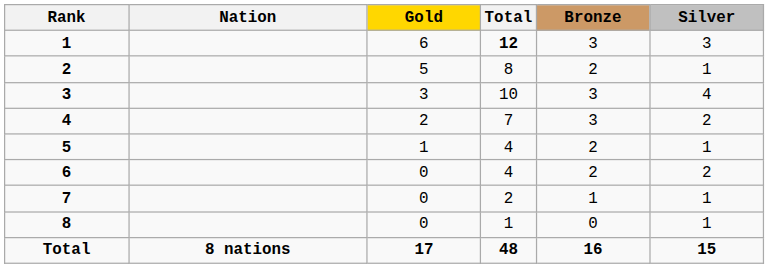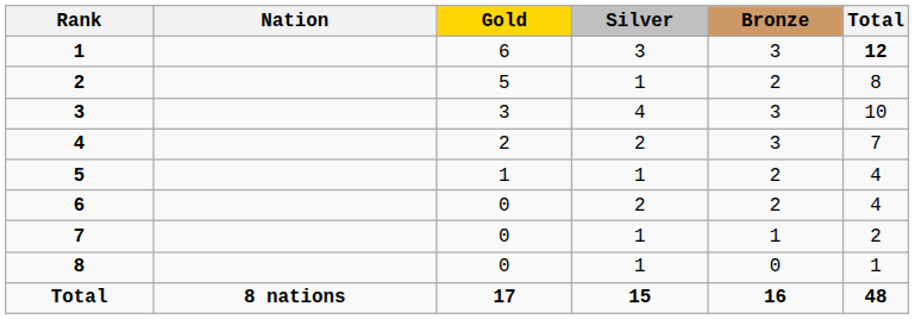 <table class="wikitable sortable plainrowheaders" width="70.5%" style="text-align:center;">
 <tr style="background-color:#EDEDED;">
 <th width=100px class="hintergrundfarbe5">Rank</th>
 <th width=200px class="hintergrundfarbe6">Nation</th>
 <th style="background:    gold; width:15%">Gold</th>
+<th style="background:  silver; width:15%">Silver</th>
+<th style="background: #CC9966; width:15%">Bronze</th>
 <th ! width=35px>Total</th>
-<th style="background: #CC9966; width:15%">Bronze</th>
-<th style="background:  silver; width:15%">Silver</th>
 </tr>
 <tr>
 <td><strong>1</strong></td>
 <td align=left></td>
 <td>6</td>
-<td><strong>12</strong></td>
 <td>3</td>
 <td>3</td>
+<td><strong>12</strong></td>
 </tr>
 <tr>
 <td><strong>2</strong></td>
 <td align=left><em></em></td>
 <td>5</td>
+<td>1</td>
+<td>2</td>
 <td>8</td>
-<td>2</td>
-<td>1</td>
 </tr>
 <tr>
 <td><strong>3</strong></td>
 <td align=left></td>
 <td>3</td>
+<td>4</td>
+<td>3</td>
 <td>10</td>
-<td>3</td>
-<td>4</td>
 </tr>
 <tr>
 <td><strong>4</strong></td>
 <td align=left></td>
 <td>2</td>
+<td>2</td>
+<td>3</td>
 <td>7</td>
-<td>3</td>
-<td>2</td>
 </tr>
 <tr>
 <td><strong>5</strong></td>
 <td align=left><em></em></td>
 <td>1</td>
+<td>1</td>
+<td>2</td>
 <td>4</td>
-<td>2</td>
-<td>1</td>
 </tr>
 <tr>
 <td><strong>6</strong></td>
 <td align="left"></td>
 <td>0</td>
-<td>4</td>
 <td>2</td>
 <td>2</td>
+<td>4</td>
 </tr>
 <tr>
 <td><strong>7</strong></td>
 <td align="left"></td>
 <td>0</td>
-<td>2</td>
 <td>1</td>
 <td>1</td>
+<td>2</td>
 </tr>
 <tr>
 <td><strong>8</strong></td>
 <td align="left"><em></em></td>
 <td>0</td>
 <td>1</td>
 <td>0</td>
 <td>1</td>
 </tr>
 <tr>
 <td><strong>Total</strong></td>
 <td><strong>8 nations</strong></td>
 <td><strong>17</strong></td>
+<td><strong>15</strong></td>
+<td><strong>16</strong></td>
 <td><strong>48</strong></td>
-<td><strong>16</strong></td>
-<td><strong>15</strong></td>
 </tr>
 </table>
